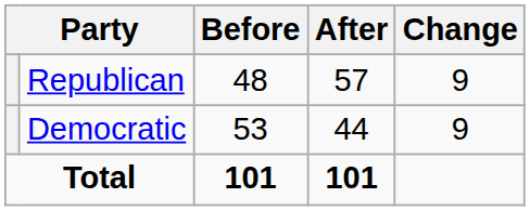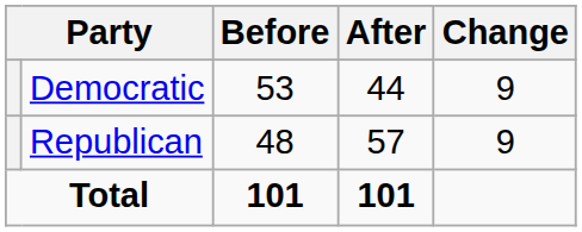 <table class="wikitable" style="text-align:center;">
 <tr>
 <th colspan="2">Party</th>
 <th>Before</th>
 <th>After</th>
 <th>Change</th>
 </tr>
 <tr>
 <th style="background-color:"></th>
-<td style="text-align:left;"><a href='#'>Republican</a></td>
-<td>48</td>
-<td>57</td>
+<td style="text-align:left;"><a href='#'>Democratic</a></td>
+<td>53</td>
+<td>44</td>
 <td> 9</td>
 </tr>
 <tr>
 <th style="background-color:"></th>
-<td style="text-align:left;"><a href='#'>Democratic</a></td>
-<td>53</td>
-<td>44</td>
+<td style="text-align:left;"><a href='#'>Republican</a></td>
+<td>48</td>
+<td>57</td>
 <td> 9</td>
 </tr>
 <tr>
 <td colspan="2"><strong>Total</strong></td>
 <td><strong>101</strong></td>
 <td><strong>101</strong></td>
 <td></td>
 </tr>
 </table>
